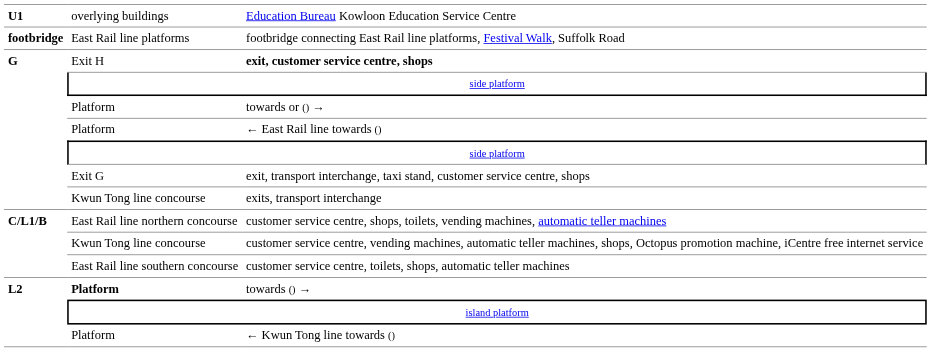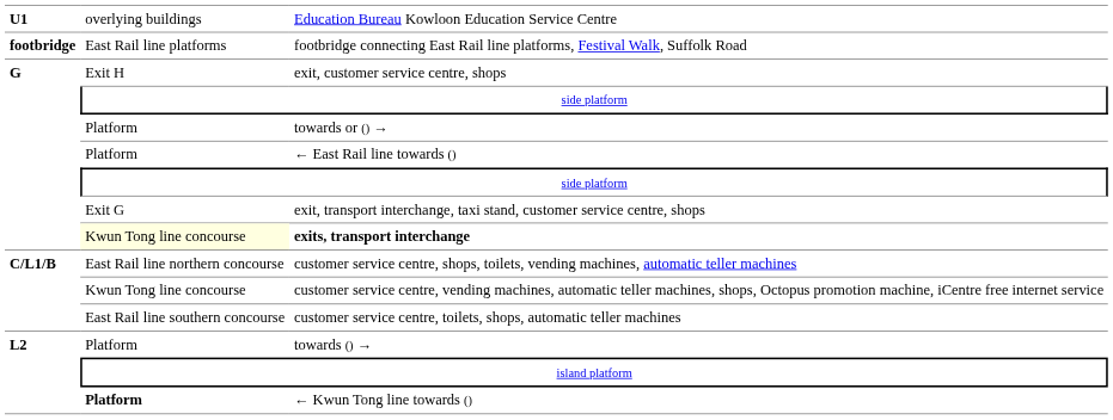 <table border=0 cellspacing=0 cellpadding=5px>
 <tr style="vertical-align:top;">
 <td style="border-bottom:solid 1px gray;border-top:solid 1px gray;"><strong>U1</strong></td>
 <td style="border-top:solid 1px gray;border-bottom:solid 1px gray;">overlying buildings</td>
 <td style="border-top:solid 1px gray;border-bottom:solid 1px gray;"><a href='#'>Education Bureau</a> Kowloon Education Service Centre</td>
 </tr>
 <tr style="vertical-align:top;">
 <td style="border-bottom:solid 1px gray;"><strong>footbridge</strong></td>
 <td style="border-bottom:solid 1px gray;">East Rail line platforms</td>
 <td style="border-bottom:solid 1px gray;">footbridge connecting East Rail line platforms, <a href='#'>Festival Walk</a>, Suffolk Road</td>
 </tr>
 <tr>
 <td style="border-bottom:solid 1px gray;vertical-align:top;" rowspan=7><strong>G</strong></td>
 <td style="border-bottom:solid 1px gray;">Exit H</td>
-<td style="border-bottom:solid 1px gray;"><strong>exit, customer service centre, shops</strong></td>
+<td style="border-bottom:solid 1px gray;">exit, customer service centre, shops</td>
 </tr>
 <tr>
 <td style="border-right:solid 2px black;border-left:solid 2px black;border-bottom:solid 2px black;text-align:center;" colspan=2><small><a href='#'>side platform</a></small></td>
 </tr>
 <tr>
 <td style="border-bottom:solid 1px gray;">Platform </td>
 <td style="border-bottom:solid 1px gray;">  towards  or  <small>()</small> →</td>
 </tr>
 <tr>
 <td>Platform </td>
 <td>←  East Rail line towards  <small>()</small></td>
 </tr>
 <tr>
 <td style="border-top:solid 2px black;border-right:solid 2px black;border-left:solid 2px black;border-bottom:solid 1px gray;text-align:center;" colspan=2><small><a href='#'>side platform</a></small></td>
 </tr>
 <tr style="vertical-align:top;">
 <td style="border-bottom:solid 1px gray;">Exit G</td>
 <td style="border-bottom:solid 1px gray;">exit, transport interchange, taxi stand, customer service centre, shops</td>
 </tr>
 <tr style="vertical-align:top;">
-<td style="border-bottom:solid 1px gray;">Kwun Tong line concourse</td>
-<td style="border-bottom:solid 1px gray;">exits, transport interchange</td>
+<td style="background: lightyellow; border-bottom:solid 1px gray;">Kwun Tong line concourse</td>
+<td style="border-bottom:solid 1px gray;"><strong>exits, transport interchange</strong></td>
 </tr>
 <tr>
 <td style="border-bottom:solid 1px gray;vertical-align:top;" rowspan=3><strong>C/L1/B</strong></td>
 <td style="border-bottom:solid 1px gray;vertical-align:top;">East Rail line northern concourse</td>
 <td style="border-bottom:solid 1px gray;vertical-align:top;">customer service centre, shops, toilets, vending machines, <a href='#'>automatic teller machines</a></td>
 </tr>
 <tr style="vertical-align:top;">
 <td style="border-bottom:solid 1px gray;">Kwun Tong line concourse</td>
 <td style="border-bottom:solid 1px gray;">customer service centre, vending machines, automatic teller machines, shops, Octopus promotion machine, iCentre free internet service</td>
 </tr>
 <tr>
 <td style="border-bottom:solid 1px gray;vertical-align:top;">East Rail line southern concourse</td>
 <td style="border-bottom:solid 1px gray;vertical-align:top;">customer service centre, toilets, shops, automatic teller machines</td>
 </tr>
 <tr>
 <td style="border-bottom:solid 1px gray;vertical-align:top;" rowspan=3><strong>L2</strong></td>
-<td><strong>Platform </strong></td>
+<td>Platform </td>
 <td>  towards  <small>()</small> →</td>
 </tr>
 <tr>
 <td style="border-top:solid 2px black;border-right:solid 2px black;border-left:solid 2px black;border-bottom:solid 2px black;text-align:center;" colspan=2><small><a href='#'>island platform</a></small></td>
 </tr>
 <tr>
-<td style="border-bottom:solid 1px gray;">Platform </td>
+<td style="border-bottom:solid 1px gray;"><strong>Platform </strong></td>
 <td style="border-bottom:solid 1px gray;">←  Kwun Tong line towards  <small>()</small></td>
 </tr>
 </table>
